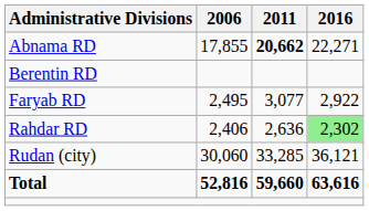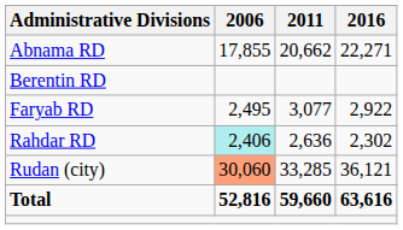 <table class="wikitable">
 <tr>
 <th>Administrative Divisions</th>
 <th>2006</th>
 <th>2011</th>
 <th>2016</th>
 </tr>
 <tr>
 <td><a href='#'>Abnama RD</a></td>
 <td style="text-align: right;">17,855</td>
-<td style="text-align: right;"><strong>20,662</strong></td>
+<td style="text-align: right;">20,662</td>
 <td style="text-align: right;">22,271</td>
 </tr>
 <tr>
 <td><a href='#'>Berentin RD</a></td>
 <td style="text-align: right;"></td>
 <td style="text-align: right;"></td>
 <td style="text-align: right;"></td>
 </tr>
 <tr>
 <td><a href='#'>Faryab RD</a></td>
 <td style="text-align: right;">2,495</td>
 <td style="text-align: right;">3,077</td>
 <td style="text-align: right;">2,922</td>
 </tr>
 <tr>
 <td><a href='#'>Rahdar RD</a></td>
-<td style="text-align: right;">2,406</td>
+<td style="background: paleturquoise; text-align: right;">2,406</td>
 <td style="text-align: right;">2,636</td>
-<td style="background: lightgreen; text-align: right;">2,302</td>
+<td style="text-align: right;">2,302</td>
 </tr>
 <tr>
 <td><a href='#'>Rudan</a> (city)</td>
-<td style="text-align: right;">30,060</td>
+<td style="background: lightsalmon; text-align: right;">30,060</td>
 <td style="text-align: right;">33,285</td>
 <td style="text-align: right;">36,121</td>
 </tr>
 <tr>
 <td><strong>Total</strong></td>
 <td style="text-align: right;"><strong>52,816</strong></td>
 <td style="text-align: right;"><strong>59,660</strong></td>
 <td style="text-align: right;"><strong>63,616</strong></td>
 </tr>
 <tr>
 <td colspan=4></td>
 </tr>
 </table>
